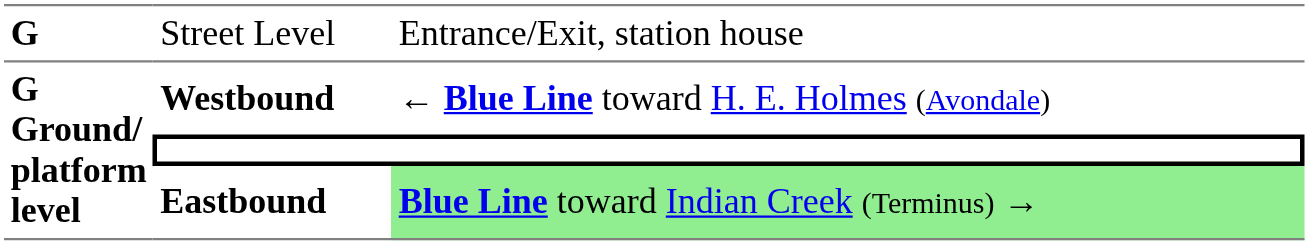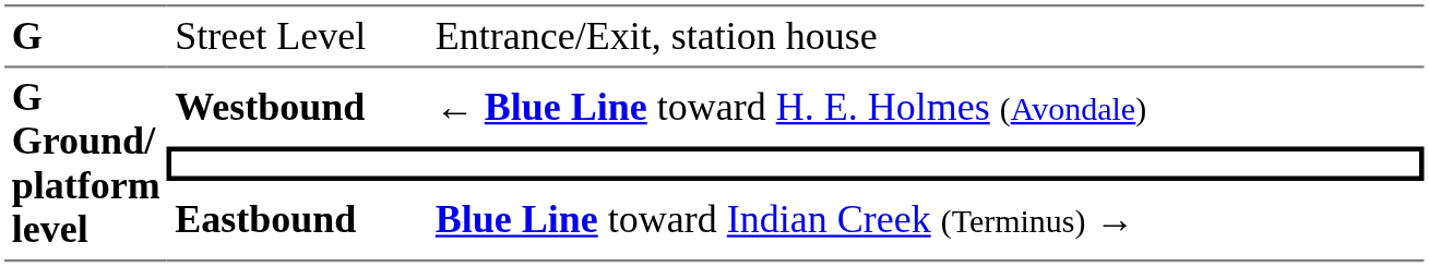 <table table border=0 cellspacing=0 cellpadding=3>
 <tr>
 <td style="border-top:solid 1px gray;" width=50 valign=top><strong>G</strong></td>
 <td style="border-top:solid 1px gray;" width=100 valign=top>Street Level</td>
 <td style="border-top:solid 1px gray;" width=400 valign=top>Entrance/Exit, station house</td>
 </tr>
 <tr>
 <td style="border-top:solid 1px gray;border-bottom:solid 1px gray;" width=50 rowspan=3 valign=top><strong>G<br>Ground/<br>platform level</strong></td>
 <td style="border-top:solid 1px gray;" width=100><strong>Westbound</strong></td>
 <td style="border-top:solid 1px gray;" width=400>← <a href='#'><span><strong>Blue Line</strong></span></a> toward <a href='#'>H. E. Holmes</a> <small>(<a href='#'>Avondale</a>)</small></td>
 </tr>
 <tr>
 <td style="border-top:solid 2px black;border-right:solid 2px black;border-left:solid 2px black;border-bottom:solid 2px black;text-align:center;" colspan=2></td>
 </tr>
 <tr>
 <td style="border-bottom:solid 1px gray;"><strong>Eastbound</strong></td>
-<td style="background: lightgreen; border-bottom:solid 1px gray;"> <a href='#'><span><strong>Blue Line</strong></span></a> toward <a href='#'>Indian Creek</a> <small>(Terminus)</small> →</td>
+<td style="border-bottom:solid 1px gray;"> <a href='#'><span><strong>Blue Line</strong></span></a> toward <a href='#'>Indian Creek</a> <small>(Terminus)</small> →</td>
 </tr>
 </table>
